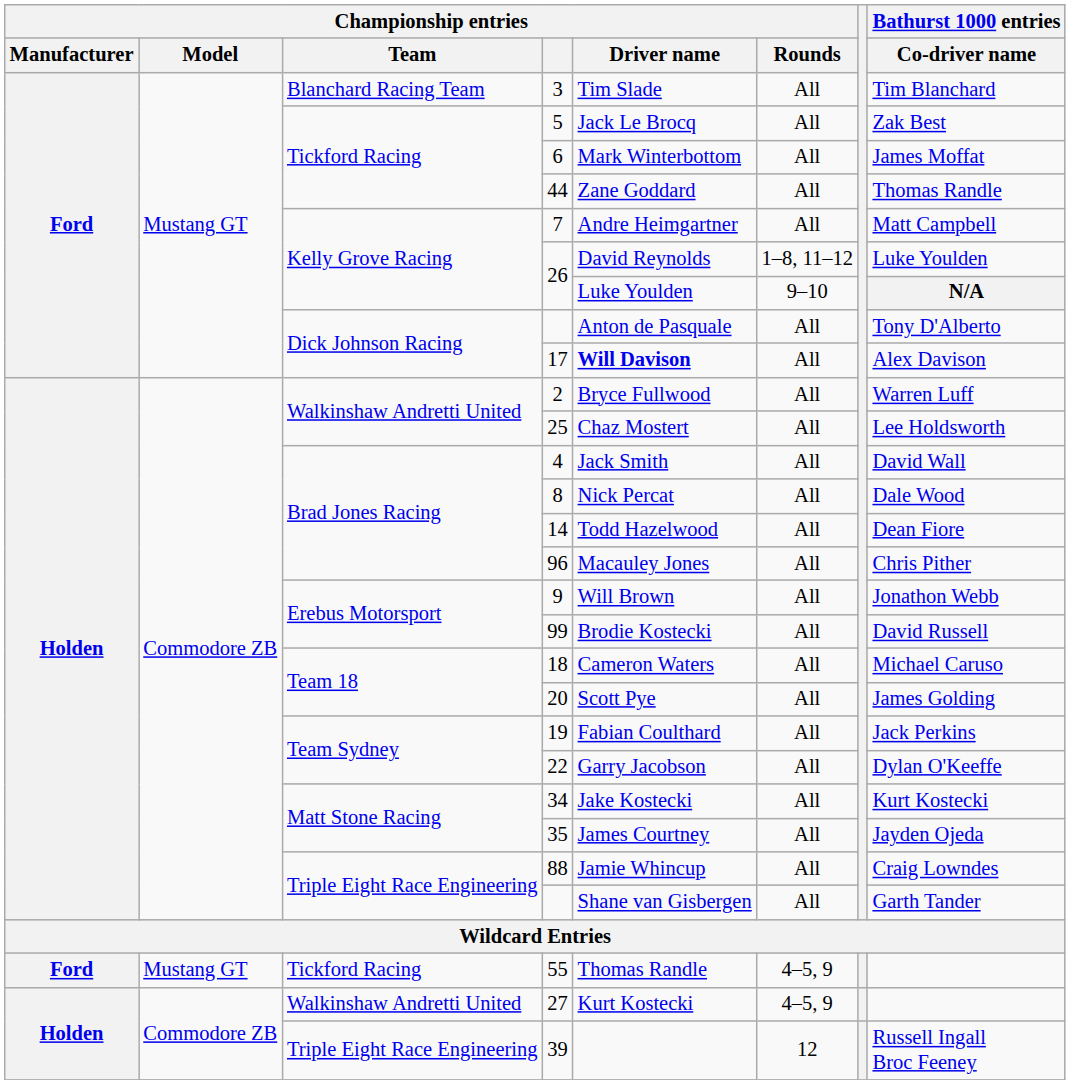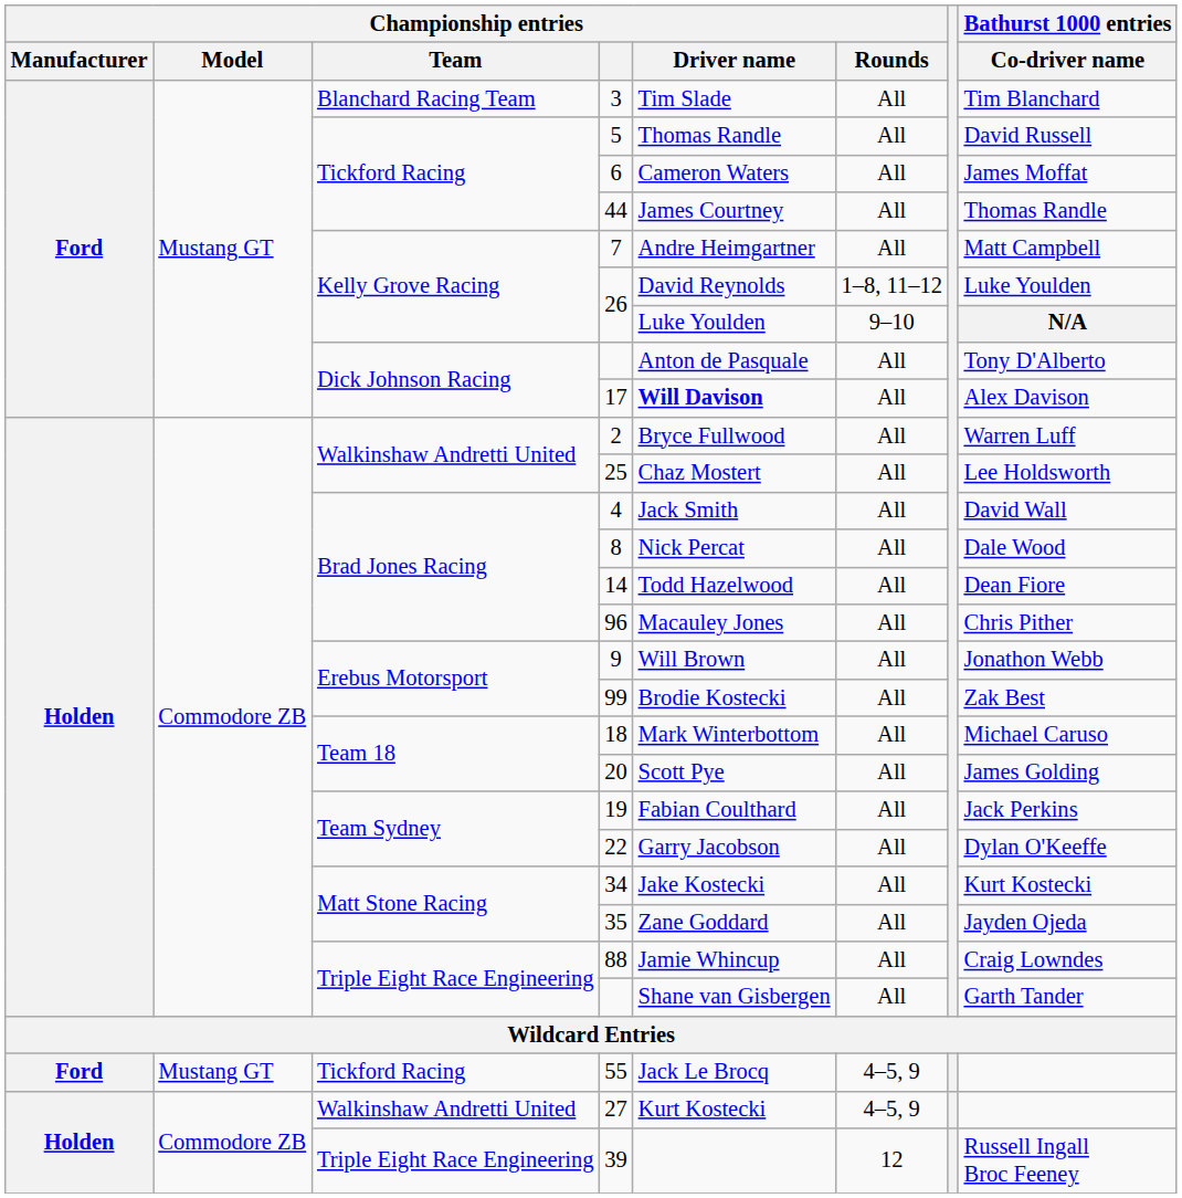 <table class="wikitable" style="font-size: 85%">
 <tr>
 <th colspan="6">Championship entries</th>
 <th rowspan="27"></th>
 <th nowrap><a href='#'>Bathurst 1000</a> entries</th>
 </tr>
 <tr>
 <th nowrap>Manufacturer</th>
 <th>Model</th>
 <th>Team</th>
 <th></th>
 <th>Driver name</th>
 <th>Rounds</th>
 <th>Co-driver name</th>
 </tr>
 <tr>
 <th rowspan="9"><a href='#'>Ford</a></th>
 <td rowspan="9"><a href='#'>Mustang GT</a></td>
 <td><a href='#'>Blanchard Racing Team</a></td>
 <td align="center" id="3">3</td>
 <td> <a href='#'>Tim Slade</a></td>
 <td align="center">All</td>
 <td> <a href='#'>Tim Blanchard</a></td>
 </tr>
 <tr>
 <td rowspan="3"><a href='#'>Tickford Racing</a></td>
 <td align="center" id="5">5</td>
-<td> <a href='#'>Jack Le Brocq</a></td>
+<td> <a href='#'>Thomas Randle</a></td>
 <td align="center">All</td>
-<td> <a href='#'>Zak Best</a></td>
+<td nowrap> <a href='#'>David Russell</a></td>
 </tr>
 <tr>
 <td align="center" id="6">6</td>
-<td> <a href='#'>Mark Winterbottom</a></td>
+<td> <a href='#'>Cameron Waters</a></td>
 <td align="center">All</td>
 <td> <a href='#'>James Moffat</a></td>
 </tr>
 <tr>
 <td align="center" id="44">44</td>
-<td nowrap> <a href='#'>Zane Goddard</a></td>
+<td> <a href='#'>James Courtney</a></td>
 <td align="center">All</td>
 <td> <a href='#'>Thomas Randle</a></td>
 </tr>
 <tr>
 <td rowspan="3"><a href='#'>Kelly Grove Racing</a></td>
 <td align="center" id="7">7</td>
 <td> <a href='#'>Andre Heimgartner</a></td>
 <td align="center">All</td>
 <td nowrap> <a href='#'>Matt Campbell</a></td>
 </tr>
 <tr>
 <td rowspan="2" align="center" id="26">26</td>
 <td> <a href='#'>David Reynolds</a></td>
 <td align="center">1–8, 11–12</td>
 <td nowrap> <a href='#'>Luke Youlden</a></td>
 </tr>
 <tr>
 <td> <a href='#'>Luke Youlden</a></td>
 <td align="center">9–10</td>
 <th>N/A</th>
 </tr>
 <tr>
 <td rowspan="2"><a href='#'>Dick Johnson Racing</a></td>
 <td align="center" id="11"></td>
 <td> <a href='#'>Anton de Pasquale</a></td>
 <td align="center">All</td>
 <td> <a href='#'>Tony D'Alberto</a></td>
 </tr>
 <tr>
 <td align="center" id="17">17</td>
 <td><strong> <a href='#'>Will Davison</a></strong></td>
 <td align="center">All</td>
 <td> <a href='#'>Alex Davison</a></td>
 </tr>
 <tr>
 <th rowspan="16"><a href='#'>Holden</a></th>
 <td rowspan="16"><a href='#'>Commodore ZB</a></td>
 <td rowspan="2" nowrap><a href='#'>Walkinshaw Andretti United</a></td>
 <td align="center" id="2">2</td>
 <td> <a href='#'>Bryce Fullwood</a></td>
 <td align="center">All</td>
 <td nowrap> <a href='#'>Warren Luff</a></td>
 </tr>
 <tr>
 <td align="center" id="25">25</td>
 <td> <a href='#'>Chaz Mostert</a></td>
 <td align="center">All</td>
 <td nowrap> <a href='#'>Lee Holdsworth</a></td>
 </tr>
 <tr>
 <td rowspan="4"><a href='#'>Brad Jones Racing</a></td>
 <td align="center" id="4">4</td>
 <td> <a href='#'>Jack Smith</a></td>
 <td align="center">All</td>
 <td nowrap> <a href='#'>David Wall</a></td>
 </tr>
 <tr>
 <td align="center" id="8">8</td>
 <td> <a href='#'>Nick Percat</a></td>
 <td align="center">All</td>
 <td nowrap> <a href='#'>Dale Wood</a></td>
 </tr>
 <tr>
 <td align="center" id="14">14</td>
 <td> <a href='#'>Todd Hazelwood</a></td>
 <td align="center">All</td>
 <td nowrap> <a href='#'>Dean Fiore</a></td>
 </tr>
 <tr>
 <td align="center" id="96">96</td>
 <td> <a href='#'>Macauley Jones</a></td>
 <td align="center">All</td>
 <td nowrap> <a href='#'>Chris Pither</a></td>
 </tr>
 <tr>
 <td rowspan="2"><a href='#'>Erebus Motorsport</a></td>
 <td align="center" id="9">9</td>
 <td> <a href='#'>Will Brown</a></td>
 <td align="center">All</td>
 <td nowrap> <a href='#'>Jonathon Webb</a></td>
 </tr>
 <tr>
 <td align="center" id="99">99</td>
 <td> <a href='#'>Brodie Kostecki</a></td>
 <td align="center">All</td>
-<td nowrap> <a href='#'>David Russell</a></td>
+<td> <a href='#'>Zak Best</a></td>
 </tr>
 <tr>
 <td rowspan="2" nowrap><a href='#'>Team 18</a></td>
 <td align="center" id="18">18</td>
-<td> <a href='#'>Cameron Waters</a></td>
+<td> <a href='#'>Mark Winterbottom</a></td>
 <td align="center">All</td>
 <td> <a href='#'>Michael Caruso</a></td>
 </tr>
 <tr>
 <td align="center" id="20">20</td>
 <td> <a href='#'>Scott Pye</a></td>
 <td align="center">All</td>
 <td> <a href='#'>James Golding</a></td>
 </tr>
 <tr>
 <td rowspan="2" nowrap><a href='#'>Team Sydney</a></td>
 <td align="center" id="19">19</td>
 <td> <a href='#'>Fabian Coulthard</a></td>
 <td align="center">All</td>
 <td nowrap> <a href='#'>Jack Perkins</a></td>
 </tr>
 <tr>
 <td align="center" id="22">22</td>
 <td nowrap> <a href='#'>Garry Jacobson</a></td>
 <td align="center">All</td>
 <td nowrap> <a href='#'>Dylan O'Keeffe</a></td>
 </tr>
 <tr>
 <td rowspan="2" nowrap><a href='#'>Matt Stone Racing</a></td>
 <td align="center" id="34">34</td>
 <td> <a href='#'>Jake Kostecki</a></td>
 <td align="center">All</td>
 <td nowrap> <a href='#'>Kurt Kostecki</a></td>
 </tr>
 <tr>
 <td align="center" id="35">35</td>
-<td> <a href='#'>James Courtney</a></td>
+<td nowrap> <a href='#'>Zane Goddard</a></td>
 <td align="center">All</td>
 <td nowrap> <a href='#'>Jayden Ojeda</a></td>
 </tr>
 <tr>
 <td rowspan="2" nowrap><a href='#'>Triple Eight Race Engineering</a></td>
 <td align="center" id="88">88</td>
 <td> <a href='#'>Jamie Whincup</a></td>
 <td align="center">All</td>
 <td> <a href='#'>Craig Lowndes</a></td>
 </tr>
 <tr>
 <td align="center" id="97"></td>
 <td nowrap> <a href='#'>Shane van Gisbergen</a></td>
 <td align="center">All</td>
 <td> <a href='#'>Garth Tander</a></td>
 </tr>
 <tr>
 <th colspan=10>Wildcard Entries</th>
 </tr>
 <tr>
 <th><a href='#'>Ford</a></th>
 <td><a href='#'>Mustang GT</a></td>
 <td><a href='#'>Tickford Racing</a></td>
 <td align="center" id="55">55</td>
-<td> <a href='#'>Thomas Randle</a></td>
+<td> <a href='#'>Jack Le Brocq</a></td>
 <td align="center">4–5, 9</td>
 <th></th>
 <td></td>
 </tr>
 <tr>
 <th rowspan="2"><a href='#'>Holden</a></th>
 <td rowspan="2"><a href='#'>Commodore ZB</a></td>
 <td><a href='#'>Walkinshaw Andretti United</a></td>
 <td align="center" id="27">27</td>
 <td> <a href='#'>Kurt Kostecki</a></td>
 <td align=center>4–5, 9</td>
 <th></th>
 <td></td>
 </tr>
 <tr>
 <td><a href='#'>Triple Eight Race Engineering</a></td>
 <td align="center" id="39">39</td>
 <td></td>
 <td align=center>12</td>
 <th></th>
 <td> <a href='#'>Russell Ingall</a><br> <a href='#'>Broc Feeney</a></td>
 </tr>
 </table>
